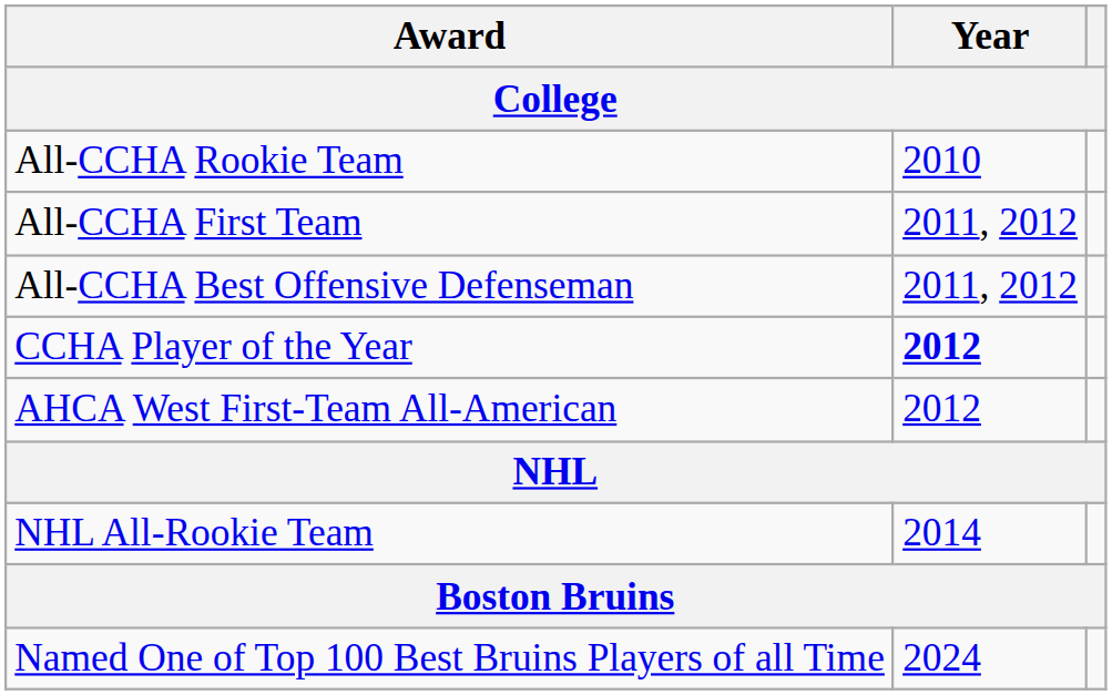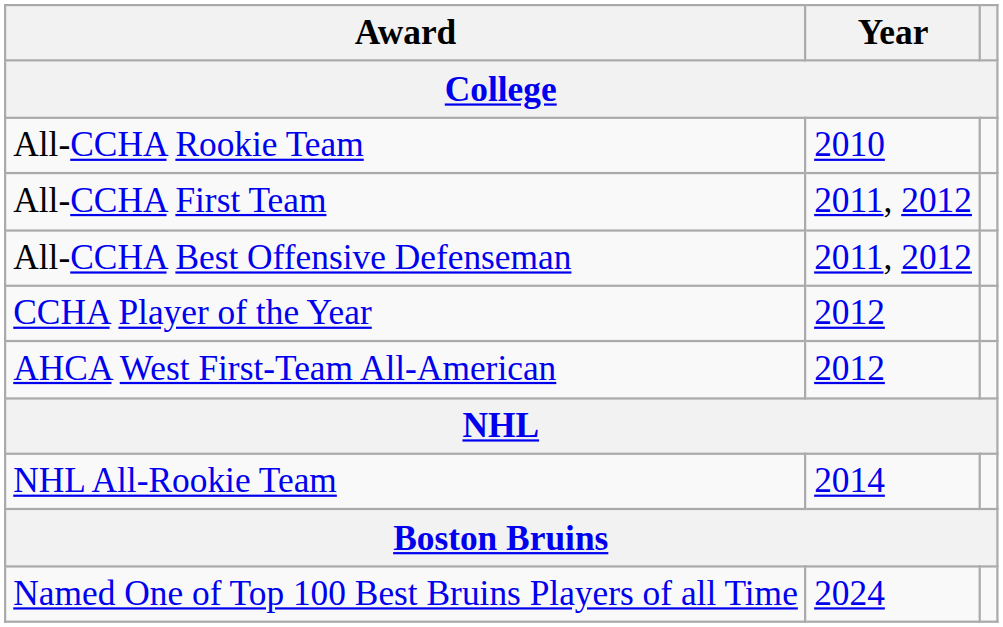 <table class="wikitable">
 <tr>
 <th>Award</th>
 <th>Year</th>
 <th></th>
 </tr>
 <tr>
 <th colspan="3"><a href='#'>College</a></th>
 </tr>
 <tr>
 <td>All-<a href='#'>CCHA</a> <a href='#'>Rookie Team</a></td>
 <td><a href='#'>2010</a></td>
 <td></td>
 </tr>
 <tr>
 <td>All-<a href='#'>CCHA</a> <a href='#'>First Team</a></td>
 <td><a href='#'>2011</a>, <a href='#'>2012</a></td>
 <td></td>
 </tr>
 <tr>
 <td>All-<a href='#'>CCHA</a> <a href='#'>Best Offensive Defenseman</a></td>
 <td><a href='#'>2011</a>, <a href='#'>2012</a></td>
 <td></td>
 </tr>
 <tr>
 <td><a href='#'>CCHA</a> <a href='#'>Player of the Year</a></td>
-<td><strong><a href='#'>2012</a></strong></td>
+<td><a href='#'>2012</a></td>
 <td></td>
 </tr>
 <tr>
 <td><a href='#'>AHCA</a> <a href='#'>West First-Team All-American</a></td>
 <td><a href='#'>2012</a></td>
 <td></td>
 </tr>
 <tr>
 <th colspan="3"><a href='#'>NHL</a></th>
 </tr>
 <tr>
 <td><a href='#'>NHL All-Rookie Team</a></td>
 <td><a href='#'>2014</a></td>
 <td></td>
 </tr>
 <tr>
 <th colspan="3"><a href='#'>Boston Bruins</a></th>
 </tr>
 <tr>
 <td><a href='#'>Named One of Top 100 Best Bruins Players of all Time</a></td>
 <td><a href='#'>2024</a></td>
 <td></td>
 </tr>
 </table>
